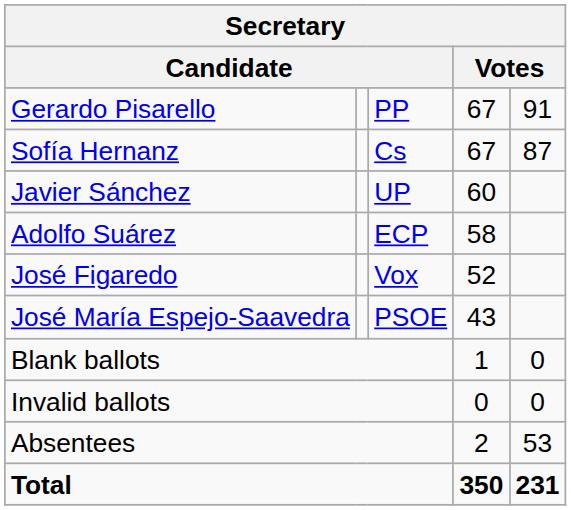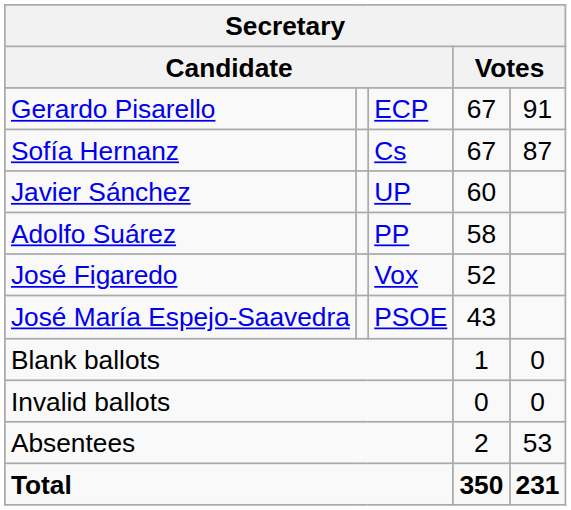 <table class="wikitable" style="font-size:95%; text-align:center;">
 <tr>
 <th colspan="5">Secretary</th>
 </tr>
 <tr>
 <th colspan="3">Candidate</th>
 <th colspan="2">Votes</th>
 </tr>
 <tr>
 <td align="left"> <a href='#'>Gerardo Pisarello</a></td>
 <td style="background:"></td>
-<td align="left"><a href='#'>PP</a></td>
+<td align="left"><a href='#'>ECP</a></td>
 <td>67</td>
 <td>91</td>
 </tr>
 <tr>
 <td align="left"> <a href='#'>Sofía Hernanz</a></td>
 <td style="background:"></td>
 <td align="left"><a href='#'>Cs</a></td>
 <td>67</td>
 <td>87</td>
 </tr>
 <tr>
 <td align="left"> <a href='#'>Javier Sánchez</a></td>
 <td style="background:"></td>
 <td align="left"><a href='#'>UP</a></td>
 <td>60</td>
 <td></td>
 </tr>
 <tr>
 <td align="left"> <a href='#'>Adolfo Suárez</a></td>
 <td style="background:"></td>
-<td align="left"><a href='#'>ECP</a></td>
+<td align="left"><a href='#'>PP</a></td>
 <td>58</td>
 <td></td>
 </tr>
 <tr>
 <td align="left"> <a href='#'>José Figaredo</a></td>
 <td style="background:"></td>
 <td align="left"><a href='#'>Vox</a></td>
 <td>52</td>
 <td></td>
 </tr>
 <tr>
 <td align="left"> <a href='#'>José María Espejo-Saavedra</a></td>
 <td style="background:"></td>
 <td align="left"><a href='#'>PSOE</a></td>
 <td>43</td>
 <td></td>
 </tr>
 <tr>
 <td align=left colspan="3">Blank ballots</td>
 <td>1</td>
 <td>0</td>
 </tr>
 <tr>
 <td align=left colspan="3">Invalid ballots</td>
 <td>0</td>
 <td>0</td>
 </tr>
 <tr>
 <td align=left colspan="3">Absentees</td>
 <td>2</td>
 <td>53</td>
 </tr>
 <tr style="font-weight:bold">
 <td align=left colspan="3">Total</td>
 <td>350</td>
 <td>231</td>
 </tr>
 </table>
